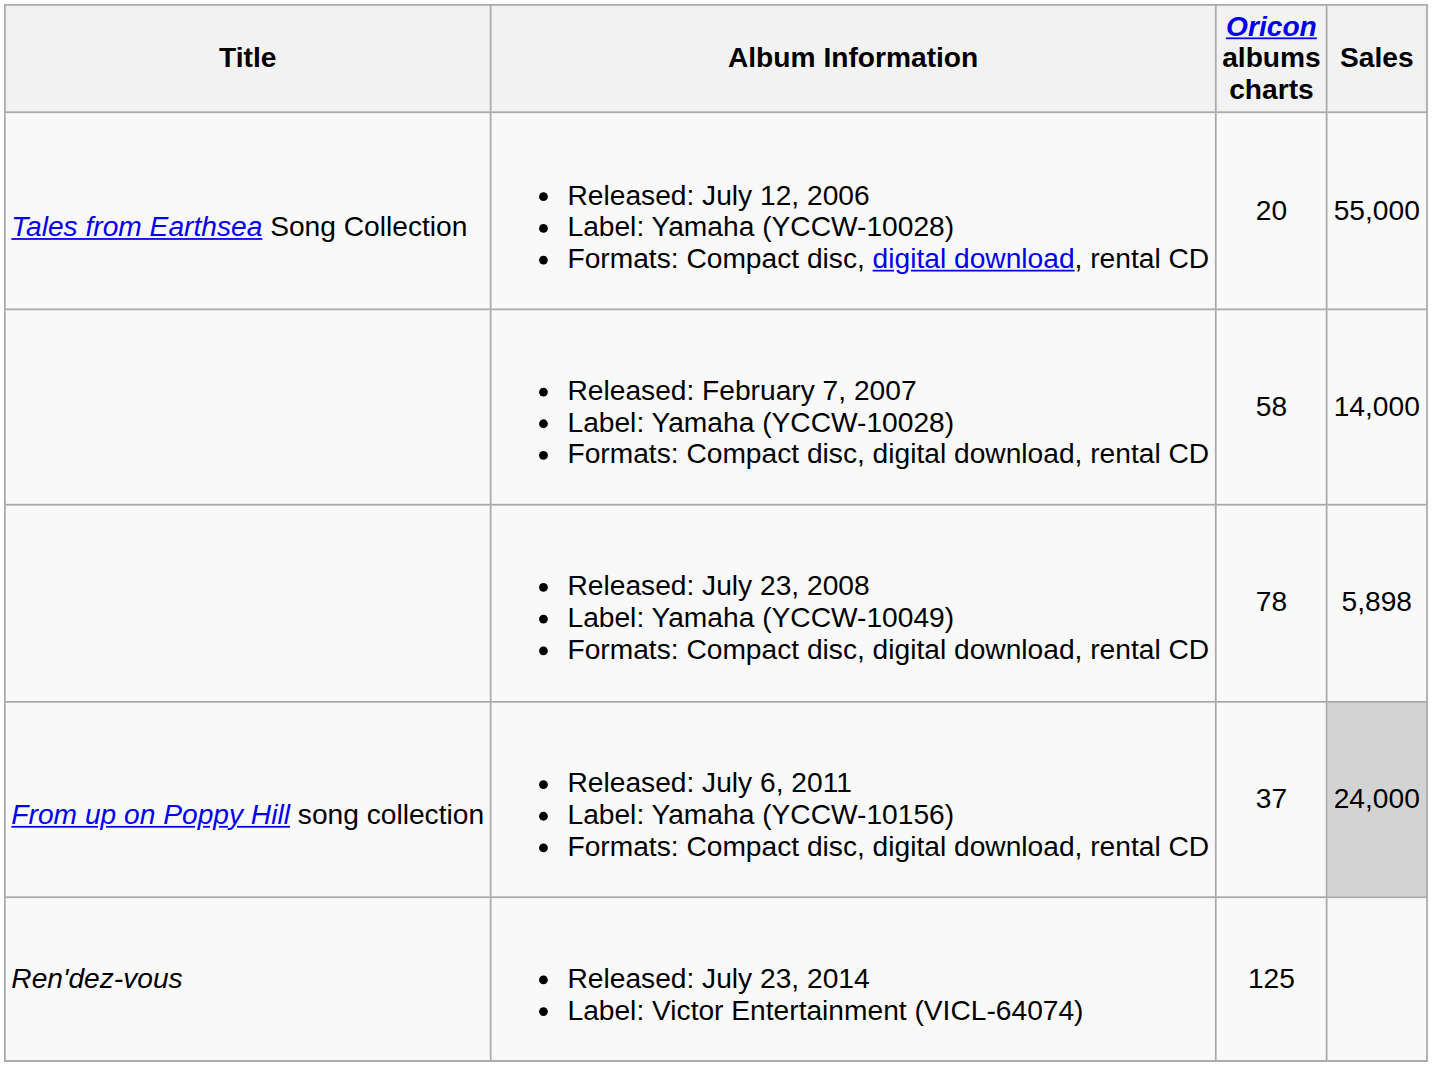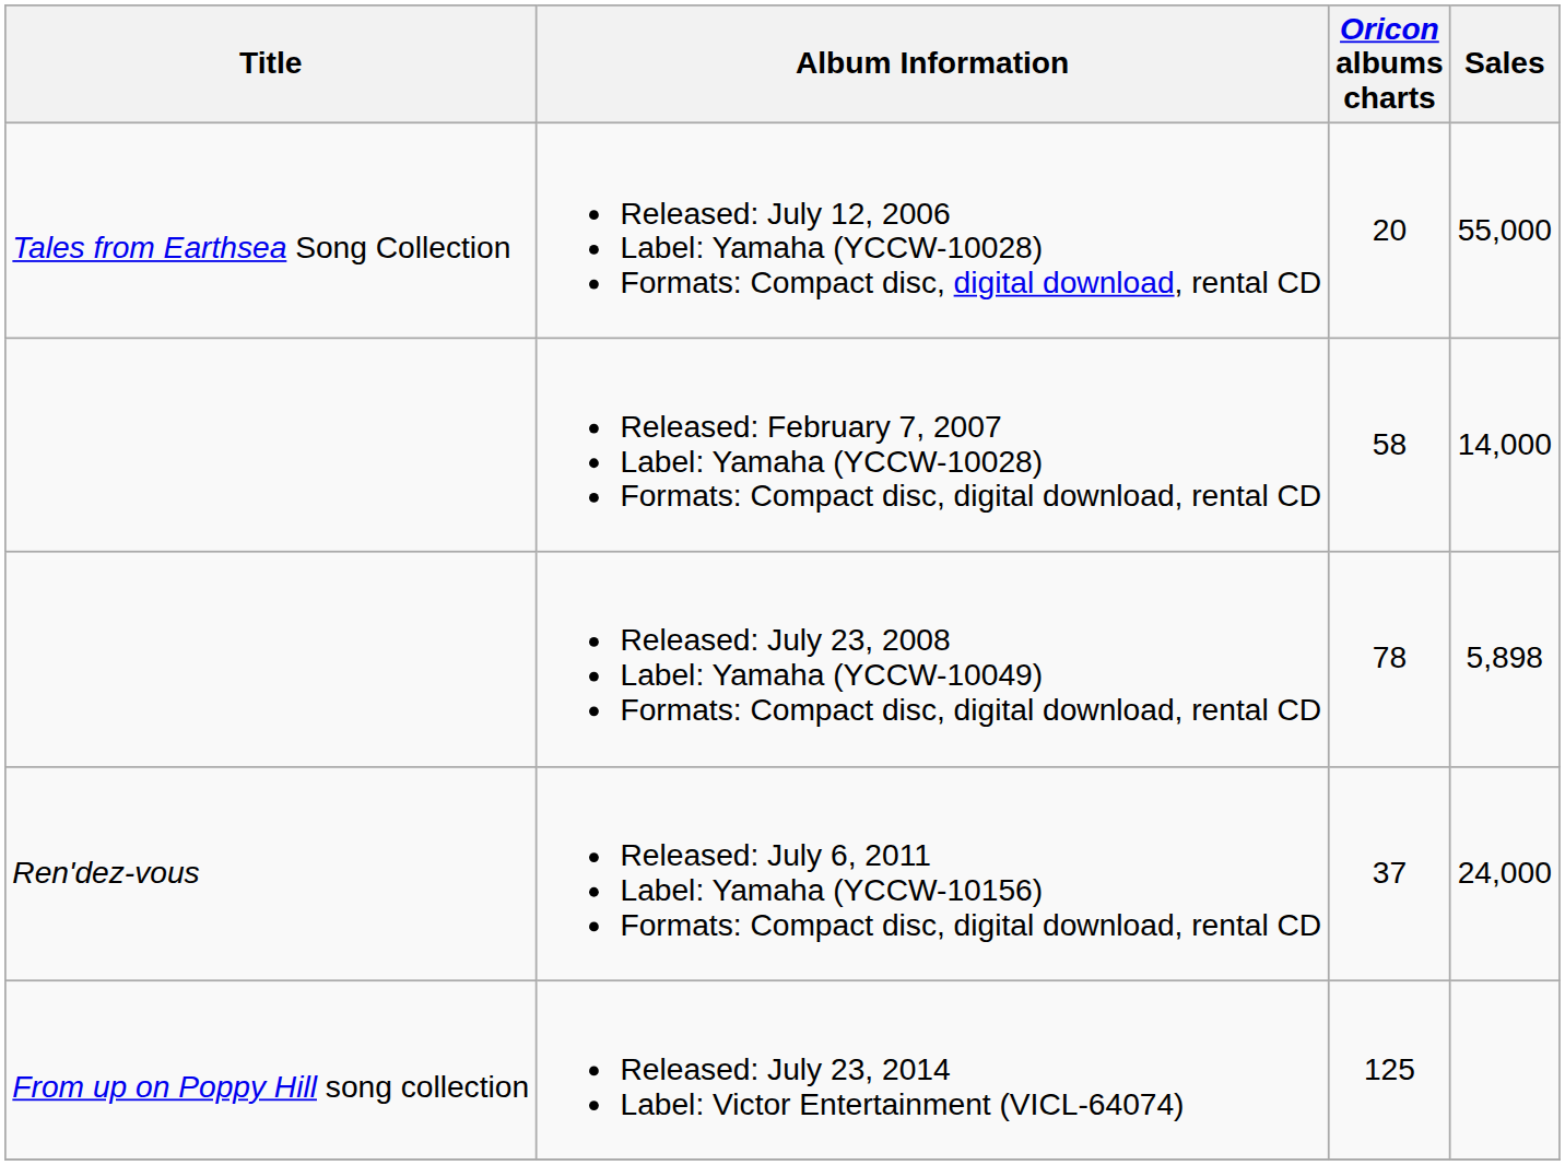 <table class="wikitable">
 <tr>
 <th>Title</th>
 <th>Album Information</th>
 <th><em><a href='#'>Oricon</a></em><br>albums<br>charts<br></th>
 <th>Sales<br></th>
 </tr>
 <tr>
 <td align=left><br><em><a href='#'>Tales from Earthsea</a></em> Song Collection</td>
 <td><br><ul><li>Released: July 12, 2006</li><li>Label: Yamaha (YCCW-10028)</li><li>Formats: Compact disc, <a href='#'>digital download</a>, rental CD</li></ul></td>
 <td align="center">20</td>
 <td align="center">55,000</td>
 </tr>
 <tr>
 <td align=left></td>
 <td><br><ul><li>Released: February 7, 2007</li><li>Label: Yamaha (YCCW-10028)</li><li>Formats: Compact disc, digital download, rental CD</li></ul></td>
 <td align="center">58</td>
 <td align="center">14,000</td>
 </tr>
 <tr>
 <td></td>
 <td><br><ul><li>Released: July 23, 2008</li><li>Label: Yamaha (YCCW-10049)</li><li>Formats: Compact disc, digital download, rental CD</li></ul></td>
 <td align="center">78</td>
 <td align="center">5,898</td>
 </tr>
 <tr>
-<td><br><em><a href='#'>From up on Poppy Hill</a></em> song collection</td>
+<td><em>Ren'dez-vous</em></td>
 <td><br><ul><li>Released: July 6, 2011</li><li>Label: Yamaha (YCCW-10156)</li><li>Formats: Compact disc, digital download, rental CD</li></ul></td>
 <td align="center">37</td>
-<td align="center" style="background: lightgrey;">24,000</td>
+<td align="center">24,000</td>
 </tr>
 <tr>
-<td><em>Ren'dez-vous</em></td>
+<td><br><em><a href='#'>From up on Poppy Hill</a></em> song collection</td>
 <td><br><ul><li>Released: July 23, 2014</li><li>Label: Victor Entertainment (VICL-64074)</li></ul></td>
 <td align="center">125</td>
 <td></td>
 </tr>
 <tr>
 </tr>
 </table>
